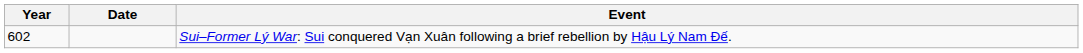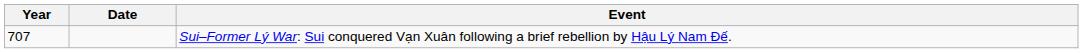 <table class="wikitable" width="100%">
 <tr>
 <th style="width:6%">Year</th>
 <th style="width:10%">Date</th>
 <th>Event</th>
 </tr>
 <tr>
-<td>602</td>
+<td>707</td>
 <td></td>
 <td><em><a href='#'>Sui–Former Lý War</a></em>: <a href='#'>Sui</a> conquered Vạn Xuân following a brief rebellion by <a href='#'>Hậu Lý Nam Đế</a>.</td>
 </tr>
 </table>
